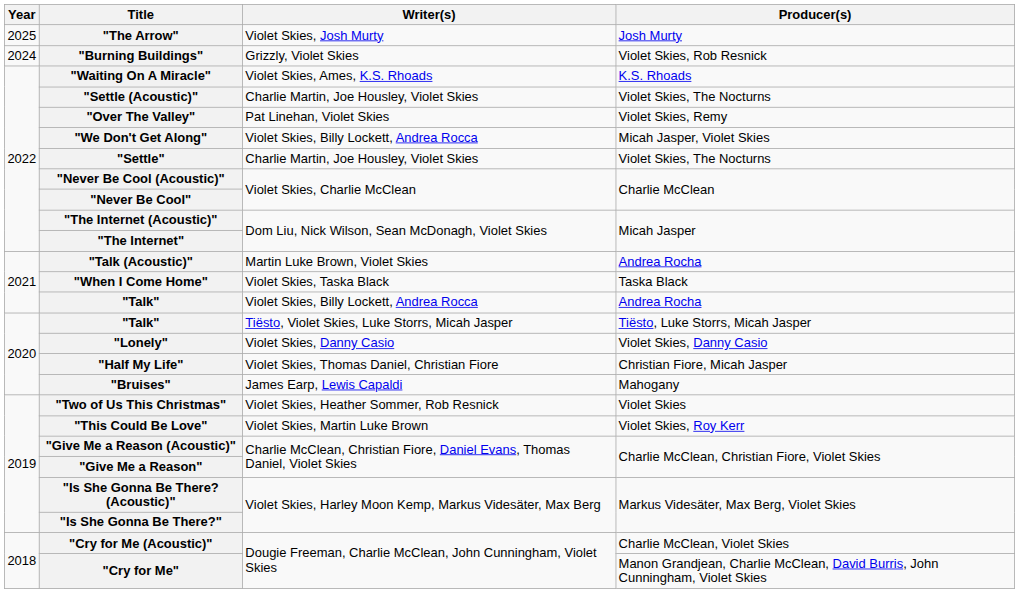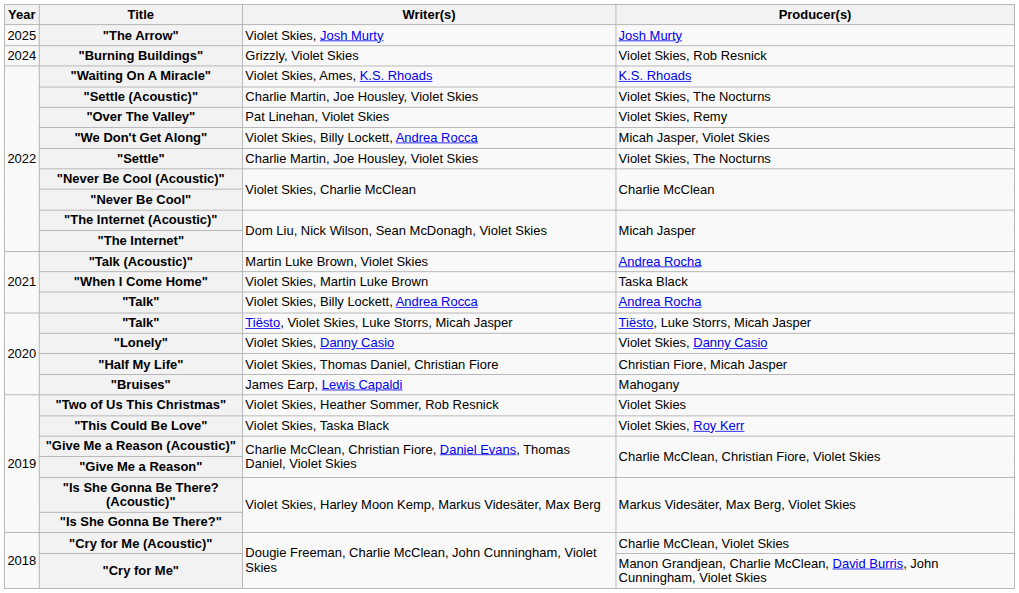 <table class="wikitable plainrowheaders" style="text-align:left;">
 <tr>
 <th rowspan="1" scope="col">Year</th>
 <th rowspan="1" scope="col">Title</th>
 <th scope="col" rowspan="1">Writer(s)</th>
 <th scope="col" rowspan="1">Producer(s)</th>
 </tr>
 <tr>
 <td>2025</td>
 <th scope="row">"The Arrow"</th>
 <td>Violet Skies, <a href='#'>Josh Murty</a></td>
 <td><a href='#'>Josh Murty</a></td>
 </tr>
 <tr>
 <td>2024</td>
 <th scope="row">"Burning Buildings"</th>
 <td>Grizzly, Violet Skies</td>
 <td>Violet Skies, Rob Resnick</td>
 </tr>
 <tr>
 <td rowspan="9">2022</td>
 <th scope="row">"Waiting On A Miracle"</th>
 <td>Violet Skies, Ames, <a href='#'>K.S. Rhoads</a></td>
 <td><a href='#'>K.S. Rhoads</a></td>
 </tr>
 <tr>
 <th scope="row">"Settle (Acoustic)"</th>
 <td>Charlie Martin, Joe Housley, Violet Skies</td>
 <td>Violet Skies, The Nocturns</td>
 </tr>
 <tr>
 <th scope="row">"Over The Valley"</th>
 <td>Pat Linehan, Violet Skies</td>
 <td>Violet Skies, Remy</td>
 </tr>
 <tr>
 <th scope="row">"We Don't Get Along"</th>
 <td>Violet Skies, Billy Lockett, <a href='#'>Andrea Rocca</a></td>
 <td>Micah Jasper, Violet Skies</td>
 </tr>
 <tr>
 <th scope="row">"Settle"</th>
 <td>Charlie Martin, Joe Housley, Violet Skies</td>
 <td>Violet Skies, The Nocturns</td>
 </tr>
 <tr>
 <th scope="row">"Never Be Cool (Acoustic)"</th>
 <td rowspan="2">Violet Skies, Charlie McClean</td>
 <td rowspan="2">Charlie McClean</td>
 </tr>
 <tr>
 <th scope="row">"Never Be Cool"</th>
 </tr>
 <tr>
 <th scope="row">"The Internet (Acoustic)"</th>
 <td rowspan="2">Dom Liu, Nick Wilson, Sean McDonagh, Violet Skies</td>
 <td rowspan="2">Micah Jasper</td>
 </tr>
 <tr>
 <th scope="row">"The Internet"</th>
 </tr>
 <tr>
 <td rowspan="3">2021</td>
 <th scope="row">"Talk (Acoustic)"<br></th>
 <td>Martin Luke Brown, Violet Skies</td>
 <td><a href='#'>Andrea Rocha</a></td>
 </tr>
 <tr>
 <th scope="row">"When I Come Home"<br></th>
-<td>Violet Skies, Taska Black</td>
+<td>Violet Skies, Martin Luke Brown</td>
 <td>Taska Black</td>
 </tr>
 <tr>
 <th scope="row">"Talk"<br></th>
 <td>Violet Skies, Billy Lockett, <a href='#'>Andrea Rocca</a></td>
 <td><a href='#'>Andrea Rocha</a></td>
 </tr>
 <tr>
 <td rowspan="4">2020</td>
 <th scope="row">"Talk"<br></th>
 <td><a href='#'>Tiësto</a>, Violet Skies, Luke Storrs, Micah Jasper</td>
 <td><a href='#'>Tiësto</a>, Luke Storrs, Micah Jasper</td>
 </tr>
 <tr>
 <th scope="row">"Lonely"<br></th>
 <td>Violet Skies, <a href='#'>Danny Casio</a></td>
 <td>Violet Skies, <a href='#'>Danny Casio</a></td>
 </tr>
 <tr>
 <th scope="row">"Half My Life"</th>
 <td>Violet Skies, Thomas Daniel, Christian Fiore</td>
 <td>Christian Fiore, Micah Jasper</td>
 </tr>
 <tr>
 <th scope="row">"Bruises"</th>
 <td>James Earp, <a href='#'>Lewis Capaldi</a></td>
 <td>Mahogany</td>
 </tr>
 <tr>
 <td rowspan="6">2019</td>
 <th scope="row">"Two of Us This Christmas"</th>
 <td>Violet Skies, Heather Sommer, Rob Resnick</td>
 <td>Violet Skies</td>
 </tr>
 <tr>
 <th scope="row">"This Could Be Love"</th>
-<td>Violet Skies, Martin Luke Brown</td>
+<td>Violet Skies, Taska Black</td>
 <td>Violet Skies, <a href='#'>Roy Kerr</a></td>
 </tr>
 <tr>
 <th scope="row">"Give Me a Reason (Acoustic)"</th>
 <td rowspan="2">Charlie McClean, Christian Fiore, <a href='#'>Daniel Evans</a>, Thomas Daniel, Violet Skies</td>
 <td rowspan="2">Charlie McClean, Christian Fiore, Violet Skies</td>
 </tr>
 <tr>
 <th scope="row">"Give Me a Reason"</th>
 </tr>
 <tr>
 <th scope="row">"Is She Gonna Be There? (Acoustic)"</th>
 <td rowspan="2">Violet Skies, Harley Moon Kemp, Markus Videsäter, Max Berg</td>
 <td rowspan="2">Markus Videsäter, Max Berg, Violet Skies</td>
 </tr>
 <tr>
 <th scope="row">"Is She Gonna Be There?"</th>
 </tr>
 <tr>
 <td rowspan="2">2018</td>
 <th scope="row">"Cry for Me (Acoustic)"</th>
 <td rowspan="2">Dougie Freeman, Charlie McClean, John Cunningham, Violet Skies</td>
 <td>Charlie McClean, Violet Skies</td>
 </tr>
 <tr>
 <th scope="row">"Cry for Me"</th>
 <td>Manon Grandjean, Charlie McClean, <a href='#'>David Burris</a>, John Cunningham, Violet Skies</td>
 </tr>
 </table>
